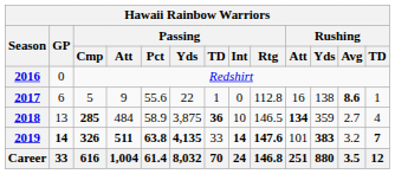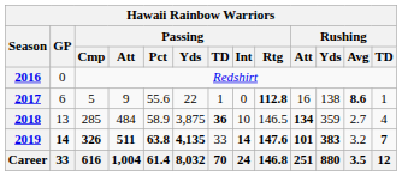 <table class="wikitable" style="text-align:center;">
 <tr>
 <th colspan="16">Hawaii Rainbow Warriors</th>
 </tr>
 <tr>
 <th rowspan="2">Season</th>
 <th rowspan="2">GP</th>
 <th colspan="7">Passing</th>
 <th colspan="4">Rushing</th>
 </tr>
 <tr>
 <th>Cmp</th>
 <th>Att</th>
 <th>Pct</th>
 <th>Yds</th>
 <th>TD</th>
 <th>Int</th>
 <th>Rtg</th>
 <th>Att</th>
 <th>Yds</th>
 <th>Avg</th>
 <th>TD</th>
 </tr>
 <tr>
 <th><a href='#'>2016</a></th>
 <td>0</td>
 <td colspan="11"> <em><a href='#'>Redshirt</a></em></td>
 </tr>
 <tr>
 <th><a href='#'>2017</a></th>
 <td>6</td>
 <td>5</td>
 <td>9</td>
 <td>55.6</td>
 <td>22</td>
 <td>1</td>
 <td>0</td>
-<td>112.8</td>
+<td><strong>112.8</strong></td>
 <td>16</td>
 <td>138</td>
 <td><strong>8.6</strong></td>
 <td>1</td>
 </tr>
 <tr>
 <th><a href='#'>2018</a></th>
 <td>13</td>
-<td><strong>285</strong></td>
+<td>285</td>
 <td>484</td>
 <td>58.9</td>
 <td>3,875</td>
 <td><strong>36</strong></td>
 <td>10</td>
 <td>146.5</td>
 <td><strong>134</strong></td>
 <td>359</td>
 <td>2.7</td>
 <td>4</td>
 </tr>
 <tr>
 <th><a href='#'>2019</a></th>
 <td><strong>14</strong></td>
 <td><strong>326</strong></td>
 <td><strong>511</strong></td>
 <td><strong>63.8</strong></td>
 <td><strong>4,135</strong></td>
 <td>33</td>
 <td><strong>14</strong></td>
 <td><strong>147.6</strong></td>
-<td>101</td>
+<td><strong>101</strong></td>
 <td><strong>383</strong></td>
 <td>3.2</td>
 <td><strong>7</strong></td>
 </tr>
 <tr>
 <th colspan="1">Career</th>
 <th>33</th>
 <th>616</th>
 <th>1,004</th>
 <th>61.4</th>
 <th>8,032</th>
 <th>70</th>
 <th>24</th>
 <th>146.8</th>
 <th>251</th>
 <th>880</th>
 <th>3.5</th>
 <th>12</th>
 </tr>
 </table>
